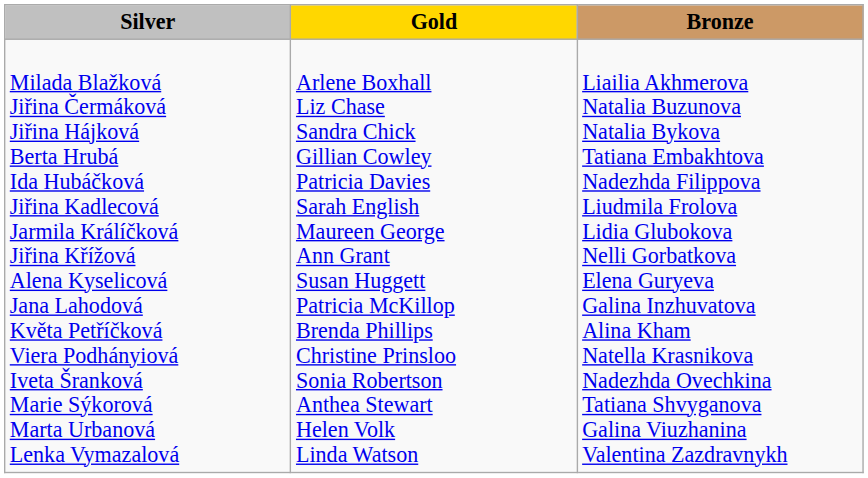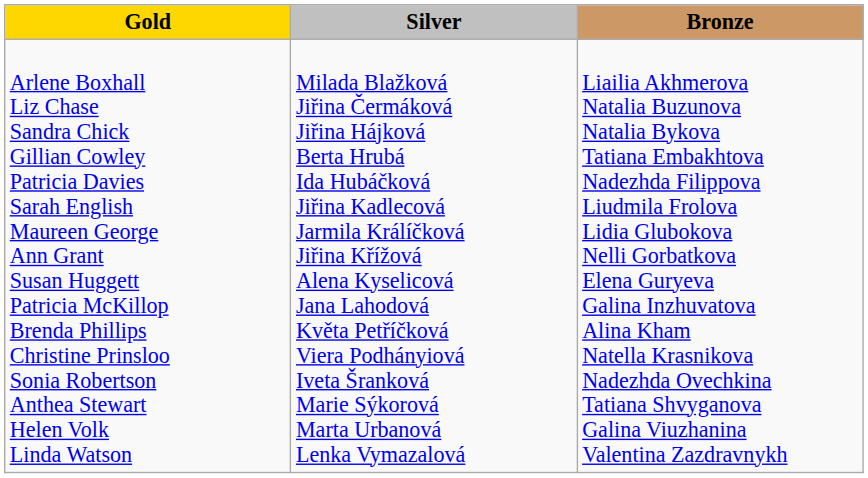 <table class="wikitable">
 <tr>
+<th style="width: 200px; background-color: gold"> <strong>Gold</strong></th>
 <th style="width: 200px; background-color: silver"> <strong>Silver</strong></th>
-<th style="width: 200px; background-color: gold"> <strong>Gold</strong></th>
 <th style="width: 200px; background-color: #cc9966"> <strong>Bronze</strong></th>
 </tr>
 <tr>
+<td><br><a href='#'>Arlene Boxhall</a><br><a href='#'>Liz Chase</a><br><a href='#'>Sandra Chick</a><br><a href='#'>Gillian Cowley</a><br><a href='#'>Patricia Davies</a><br><a href='#'>Sarah English</a><br><a href='#'>Maureen George</a><br><a href='#'>Ann Grant</a><br><a href='#'>Susan Huggett</a><br><a href='#'>Patricia McKillop</a><br><a href='#'>Brenda Phillips</a><br><a href='#'>Christine Prinsloo</a><br><a href='#'>Sonia Robertson</a><br><a href='#'>Anthea Stewart</a><br><a href='#'>Helen Volk</a><br><a href='#'>Linda Watson</a></td>
 <td><br><a href='#'>Milada Blažková</a><br><a href='#'>Jiřina Čermáková</a><br><a href='#'>Jiřina Hájková</a><br><a href='#'>Berta Hrubá</a><br><a href='#'>Ida Hubáčková</a><br><a href='#'>Jiřina Kadlecová</a><br><a href='#'>Jarmila Králíčková</a><br><a href='#'>Jiřina Křížová</a><br><a href='#'>Alena Kyselicová</a><br><a href='#'>Jana Lahodová</a><br><a href='#'>Květa Petříčková</a><br><a href='#'>Viera Podhányiová</a><br><a href='#'>Iveta Šranková</a><br><a href='#'>Marie Sýkorová</a><br><a href='#'>Marta Urbanová</a><br><a href='#'>Lenka Vymazalová</a></td>
-<td><br><a href='#'>Arlene Boxhall</a><br><a href='#'>Liz Chase</a><br><a href='#'>Sandra Chick</a><br><a href='#'>Gillian Cowley</a><br><a href='#'>Patricia Davies</a><br><a href='#'>Sarah English</a><br><a href='#'>Maureen George</a><br><a href='#'>Ann Grant</a><br><a href='#'>Susan Huggett</a><br><a href='#'>Patricia McKillop</a><br><a href='#'>Brenda Phillips</a><br><a href='#'>Christine Prinsloo</a><br><a href='#'>Sonia Robertson</a><br><a href='#'>Anthea Stewart</a><br><a href='#'>Helen Volk</a><br><a href='#'>Linda Watson</a></td>
 <td><br><a href='#'>Liailia Akhmerova</a><br><a href='#'>Natalia Buzunova</a><br><a href='#'>Natalia Bykova</a><br><a href='#'>Tatiana Embakhtova</a><br><a href='#'>Nadezhda Filippova</a><br><a href='#'>Liudmila Frolova</a><br><a href='#'>Lidia Glubokova</a><br><a href='#'>Nelli Gorbatkova</a><br><a href='#'>Elena Guryeva</a><br><a href='#'>Galina Inzhuvatova</a><br><a href='#'>Alina Kham</a><br><a href='#'>Natella Krasnikova</a><br><a href='#'>Nadezhda Ovechkina</a><br><a href='#'>Tatiana Shvyganova</a><br><a href='#'>Galina Viuzhanina</a><br><a href='#'>Valentina Zazdravnykh</a></td>
 </tr>
 </table>
